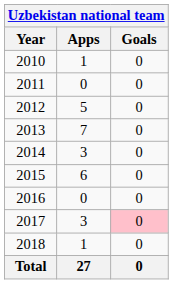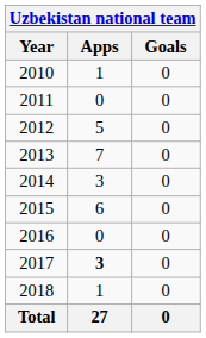 <table class="wikitable" style="text-align:center">
 <tr>
 <th colspan=3><a href='#'>Uzbekistan national team</a></th>
 </tr>
 <tr>
 <th>Year</th>
 <th>Apps</th>
 <th>Goals</th>
 </tr>
 <tr>
 <td>2010</td>
 <td>1</td>
 <td>0</td>
 </tr>
 <tr>
 <td>2011</td>
 <td>0</td>
 <td>0</td>
 </tr>
 <tr>
 <td>2012</td>
 <td>5</td>
 <td>0</td>
 </tr>
 <tr>
 <td>2013</td>
 <td>7</td>
 <td>0</td>
 </tr>
 <tr>
 <td>2014</td>
 <td>3</td>
 <td>0</td>
 </tr>
 <tr>
 <td>2015</td>
 <td>6</td>
 <td>0</td>
 </tr>
 <tr>
 <td>2016</td>
 <td>0</td>
 <td>0</td>
 </tr>
 <tr>
 <td>2017</td>
-<td>3</td>
-<td style="background: pink;">0</td>
+<td><strong>3</strong></td>
+<td>0</td>
 </tr>
 <tr>
 <td>2018</td>
 <td>1</td>
 <td>0</td>
 </tr>
 <tr>
 <th>Total</th>
 <th>27</th>
 <th>0</th>
 </tr>
 </table>
